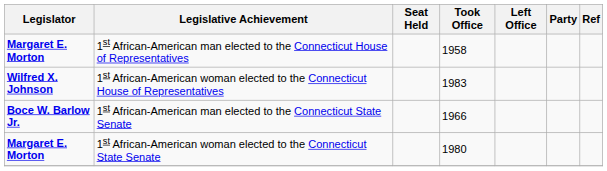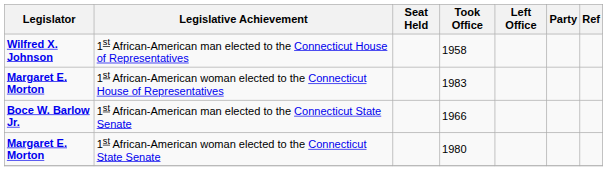 <table class="wikitable">
 <tr>
 <th><strong>Legislator</strong></th>
 <th><strong>Legislative Achievement</strong></th>
 <th>Seat Held</th>
 <th>Took Office</th>
 <th><strong>Left Office</strong></th>
 <th><strong>Party</strong></th>
 <th><strong>Ref</strong></th>
 </tr>
 <tr>
-<td><strong><a href='#'>Margaret E. Morton</a></strong></td>
+<td><strong><a href='#'>Wilfred X. Johnson</a></strong></td>
 <td>1<sup><u>st</u></sup> African-American man elected to the <a href='#'>Connecticut House of Representatives</a></td>
 <td></td>
 <td>1958</td>
 <td></td>
 <td></td>
 <td></td>
 </tr>
 <tr>
-<td><strong><a href='#'>Wilfred X. Johnson</a></strong></td>
+<td><strong><a href='#'>Margaret E. Morton</a></strong></td>
 <td>1<sup><u>st</u></sup> African-American woman elected to the <a href='#'>Connecticut House of Representatives</a></td>
 <td></td>
 <td>1983</td>
 <td></td>
 <td></td>
 <td></td>
 </tr>
 <tr>
 <td><strong><a href='#'>Boce W. Barlow Jr.</a></strong></td>
 <td>1<sup><u>st</u></sup> African-American man elected to the <a href='#'>Connecticut State Senate</a></td>
 <td></td>
 <td>1966</td>
 <td></td>
 <td></td>
 <td></td>
 </tr>
 <tr>
 <td><strong><a href='#'>Margaret E. Morton</a></strong></td>
 <td>1<sup><u>st</u></sup> African-American woman elected to the <a href='#'>Connecticut State Senate</a></td>
 <td></td>
 <td>1980</td>
 <td></td>
 <td></td>
 <td></td>
 </tr>
 <tr>
 </tr>
 </table>
